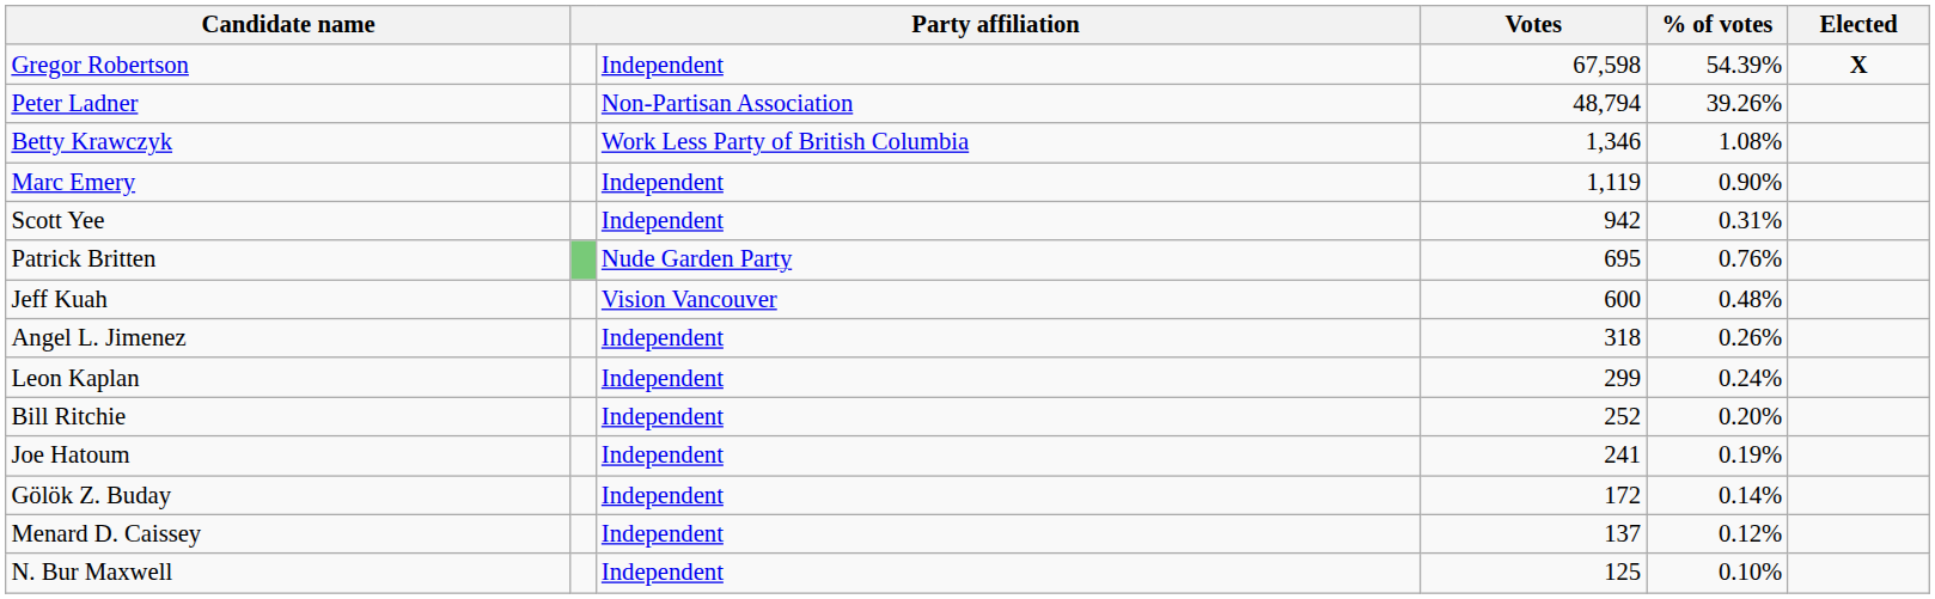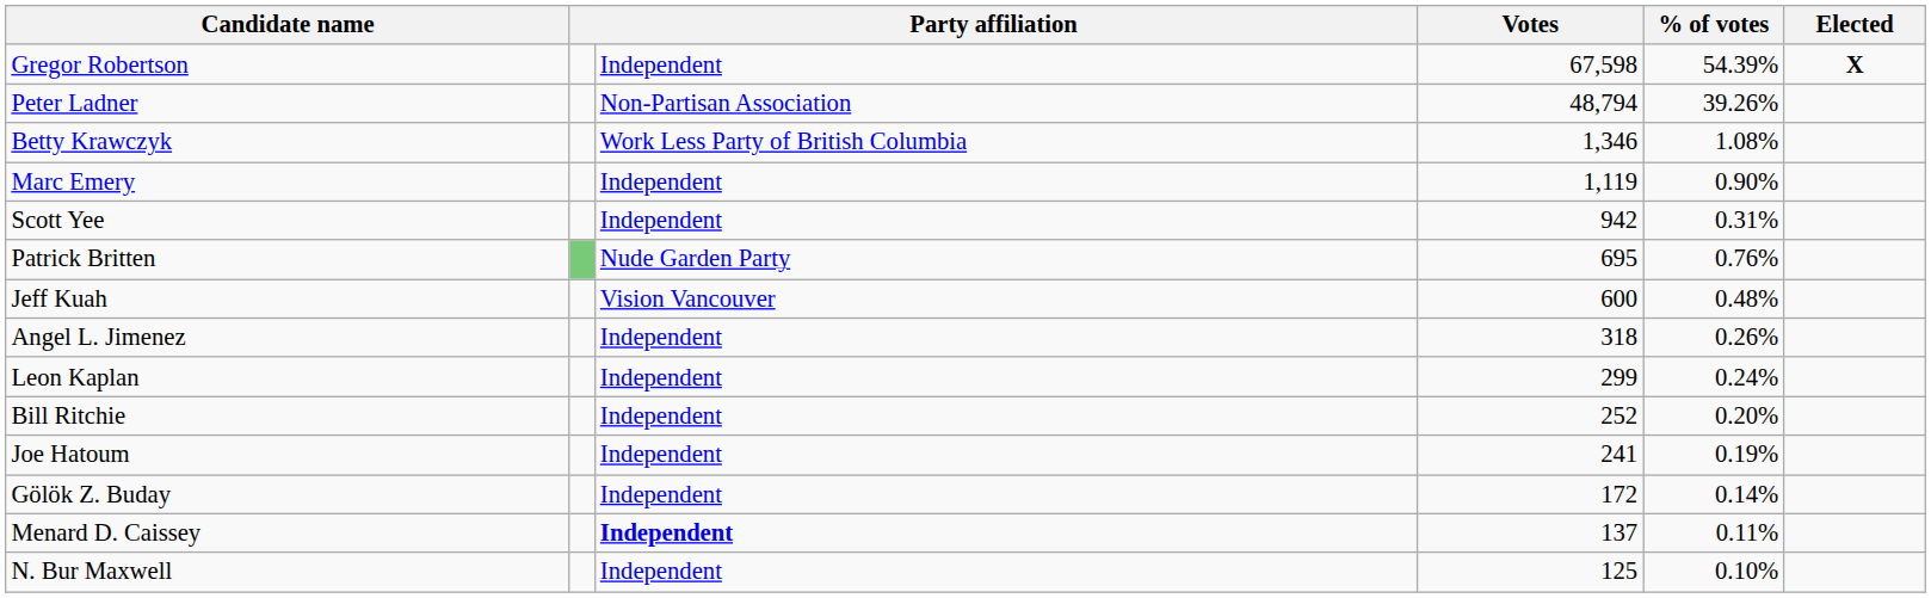 <table class="wikitable sortable" margin:5px; width: 60%">
 <tr>
 <th style="width:20%;">Candidate name</th>
 <th style="width:30.05%;" colspan="2">Party affiliation</th>
 <th style="width:8%;">Votes</th>
 <th style="width:5%;">% of votes</th>
 <th style="width:5%;">Elected</th>
 </tr>
 <tr>
 <td data-sort-value="Robertson, Gregor"><a href='#'>Gregor Robertson</a></td>
 <td style="background:"></td>
 <td><a href='#'>Independent</a></td>
 <td style="text-align: right;">67,598</td>
 <td style="text-align: right;">54.39%</td>
 <td style="text-align: center;"><strong>X</strong></td>
 </tr>
 <tr>
 <td data-sort-value="Ladner, Peter"><a href='#'>Peter Ladner</a></td>
 <td style="background:"></td>
 <td><a href='#'>Non-Partisan Association</a></td>
 <td style="text-align: right;">48,794</td>
 <td style="text-align: right;">39.26%</td>
 <td></td>
 </tr>
 <tr>
 <td data-sort-value="Krawczyk, Betty"><a href='#'>Betty Krawczyk</a></td>
 <td style="background:"></td>
 <td><a href='#'>Work Less Party of British Columbia</a></td>
 <td style="text-align: right;">1,346</td>
 <td style="text-align: right;">1.08%</td>
 <td></td>
 </tr>
 <tr>
 <td data-sort-value="Emery, Marc"><a href='#'>Marc Emery</a></td>
 <td style="background:"></td>
 <td><a href='#'>Independent</a></td>
 <td style="text-align: right;">1,119</td>
 <td style="text-align: right;">0.90%</td>
 <td></td>
 </tr>
 <tr>
 <td data-sort-value="Yee, Scott">Scott Yee</td>
 <td style="background:"></td>
 <td><a href='#'>Independent</a></td>
 <td style="text-align: right;">942</td>
 <td style="text-align: right;">0.31%</td>
 <td></td>
 </tr>
 <tr>
 <td data-sort-value="Britten, Patrick">Patrick Britten</td>
 <td style="background:#78CA78;"></td>
 <td><a href='#'>Nude Garden Party</a></td>
 <td style="text-align: right;">695</td>
 <td style="text-align: right;">0.76%</td>
 <td></td>
 </tr>
 <tr>
 <td data-sort-value="Kuah, Jeff">Jeff Kuah</td>
 <td style="background:"></td>
 <td><a href='#'>Vision Vancouver</a></td>
 <td style="text-align: right;">600</td>
 <td style="text-align: right;">0.48%</td>
 <td></td>
 </tr>
 <tr>
 <td data-sort-value="Jimenez, Angel L.">Angel L. Jimenez</td>
 <td style="background:"></td>
 <td><a href='#'>Independent</a></td>
 <td style="text-align: right;">318</td>
 <td style="text-align: right;">0.26%</td>
 <td></td>
 </tr>
 <tr>
 <td data-sort-value="Kaplan, Leon">Leon Kaplan</td>
 <td style="background:"></td>
 <td><a href='#'>Independent</a></td>
 <td style="text-align: right;">299</td>
 <td style="text-align: right;">0.24%</td>
 <td></td>
 </tr>
 <tr>
 <td data-sort-value="Ritchie, Bill">Bill Ritchie</td>
 <td style="background:"></td>
 <td><a href='#'>Independent</a></td>
 <td style="text-align: right;">252</td>
 <td style="text-align: right;">0.20%</td>
 <td></td>
 </tr>
 <tr>
 <td data-sort-value="Hatoum, Joe">Joe Hatoum</td>
 <td style="background:"></td>
 <td><a href='#'>Independent</a></td>
 <td style="text-align: right;">241</td>
 <td style="text-align: right;">0.19%</td>
 <td></td>
 </tr>
 <tr>
 <td data-sort-value="Buday, Gölök Z.">Gölök Z. Buday</td>
 <td style="background:"></td>
 <td><a href='#'>Independent</a></td>
 <td style="text-align: right;">172</td>
 <td style="text-align: right;">0.14%</td>
 <td></td>
 </tr>
 <tr>
 <td data-sort-value="Caissey, Menard D.">Menard D. Caissey</td>
 <td style="background:"></td>
-<td><a href='#'>Independent</a></td>
+<td><strong><a href='#'>Independent</a></strong></td>
 <td style="text-align: right;">137</td>
-<td style="text-align: right;">0.12%</td>
+<td style="text-align: right;">0.11%</td>
 <td></td>
 </tr>
 <tr>
 <td data-sort-value="Maxwell, N. Bur">N. Bur Maxwell</td>
 <td style="background:"></td>
 <td><a href='#'>Independent</a></td>
 <td style="text-align: right;">125</td>
 <td style="text-align: right;">0.10%</td>
 <td></td>
 </tr>
 </table>
